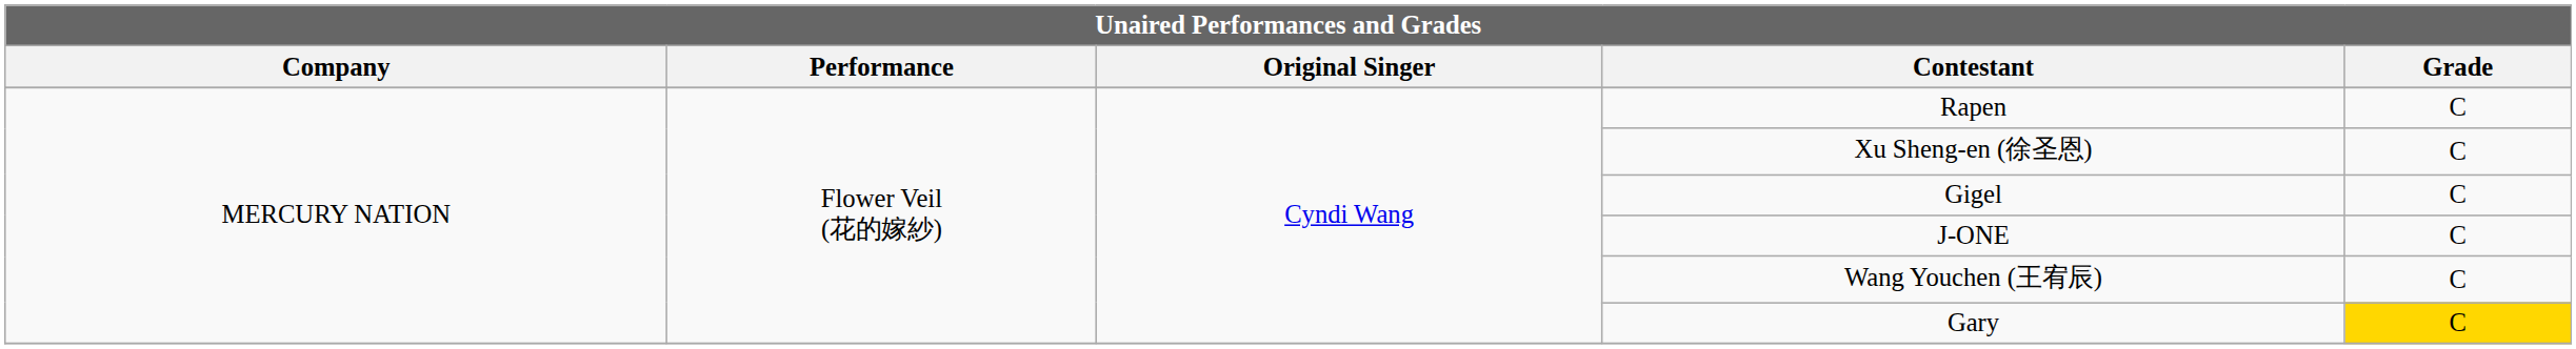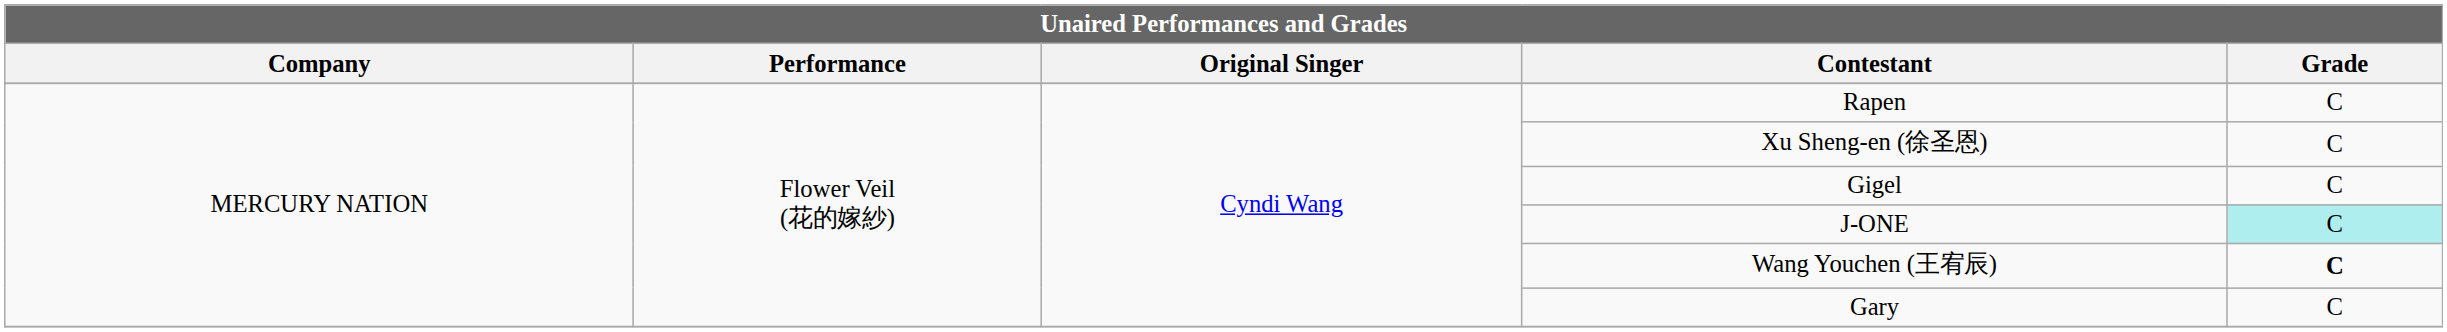 <table class="wikitable mw-collapsible mw-collapsed" style="text-align:center; width:100%;">
 <tr>
 <th colspan="5" style="background:#666666; color:white">Unaired Performances and Grades</th>
 </tr>
 <tr>
 <th>Company</th>
 <th>Performance</th>
 <th>Original Singer</th>
 <th>Contestant</th>
 <th>Grade</th>
 </tr>
 <tr>
 </tr>
 <tr>
 <td rowspan="6">MERCURY NATION</td>
 <td rowspan="6">Flower Veil<br>(花的嫁紗)</td>
 <td rowspan="6"><a href='#'>Cyndi Wang</a></td>
 <td>Rapen</td>
 <td>C</td>
 </tr>
 <tr>
 <td>Xu Sheng-en (徐圣恩)</td>
 <td>C</td>
 </tr>
 <tr>
 <td>Gigel</td>
 <td>C</td>
 </tr>
 <tr>
 <td>J-ONE</td>
-<td>C</td>
+<td style="background: paleturquoise;">C</td>
 </tr>
 <tr>
 <td>Wang Youchen (王宥辰)</td>
-<td>C</td>
+<td><strong>C</strong></td>
 </tr>
 <tr>
 <td>Gary</td>
-<td style="background: gold;">C</td>
+<td>C</td>
 </tr>
 <tr>
 </tr>
 </table>
